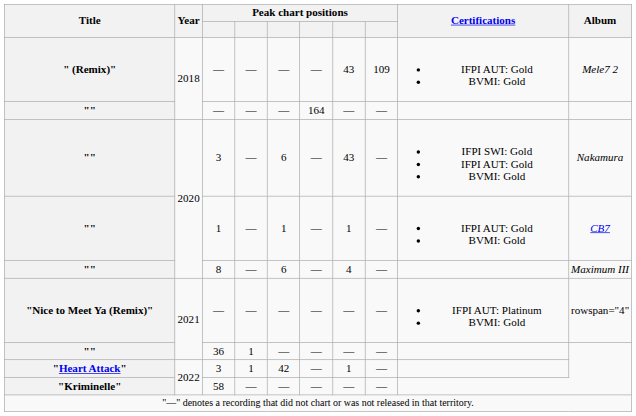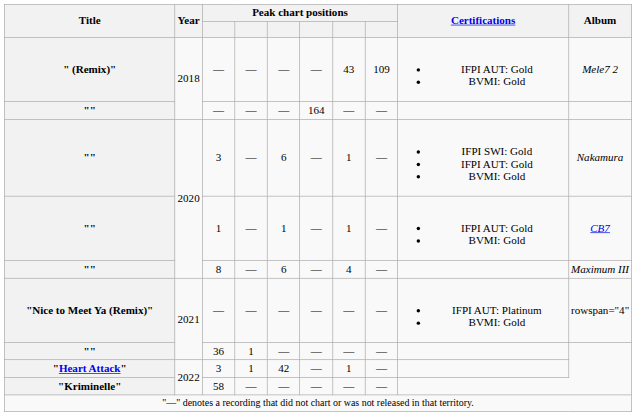 <table class="wikitable plainrowheaders" style="text-align:center;">
 <tr>
 <th scope="col" rowspan="2" style="width: 15em;">Title</th>
 <th scope="col" rowspan="2">Year</th>
 <th scope="col" colspan="6">Peak chart positions</th>
 <th scope="col" rowspan="2" style="width: 15em;"><a href='#'>Certifications</a></th>
 <th scope="col" rowspan="2">Album</th>
 </tr>
 <tr>
 <th style="width:3em; font-size:85%;"><a href='#'></a><br></th>
 <th style="width:3em; font-size:85%;"><a href='#'></a><br></th>
 <th style="width:3em; font-size:85%;"><a href='#'></a><br></th>
 <th style="width:3em; font-size:85%;"><a href='#'></a><br></th>
 <th style="width:3em; font-size:85%;"><a href='#'></a><br></th>
 <th style="width:3em; font-size:85%;"><a href='#'></a><br></th>
 </tr>
 <tr>
 <th scope="row">" (Remix)"<br></th>
 <td rowspan="2">2018</td>
 <td>—</td>
 <td>—</td>
 <td>—</td>
 <td>—</td>
 <td>43</td>
 <td>109</td>
 <td><br><ul><li>IFPI AUT: Gold</li><li>BVMI: Gold</li></ul></td>
 <td><em>Mele7 2</em></td>
 </tr>
 <tr>
 <th scope="row">""<br></th>
 <td>—</td>
 <td>—</td>
 <td>—</td>
 <td>164</td>
 <td>—</td>
 <td>—</td>
 <td></td>
 <td></td>
 </tr>
 <tr>
 <th scope="row">""<br></th>
 <td rowspan="3">2020</td>
 <td>3</td>
 <td>—</td>
 <td>6</td>
 <td>—</td>
-<td>43</td>
+<td>1</td>
 <td>—</td>
 <td><br><ul><li>IFPI SWI: Gold</li><li>IFPI AUT: Gold</li><li>BVMI: Gold</li></ul></td>
 <td><em>Nakamura</em></td>
 </tr>
 <tr>
 <th scope="row">""<br></th>
 <td>1</td>
 <td>—</td>
 <td>1</td>
 <td>—</td>
 <td>1</td>
 <td>—</td>
 <td><br><ul><li>IFPI AUT: Gold</li><li>BVMI: Gold</li></ul></td>
 <td><em><a href='#'>CB7</a></em></td>
 </tr>
 <tr>
 <th scope="row">""<br></th>
 <td>8</td>
 <td>—</td>
 <td>6</td>
 <td>—</td>
 <td>4</td>
 <td>—</td>
 <td></td>
 <td><em>Maximum III</em></td>
 </tr>
 <tr>
 <th scope="row">"Nice to Meet Ya (Remix)"<br></th>
 <td rowspan="2">2021</td>
 <td>—</td>
 <td>—</td>
 <td>—</td>
 <td>—</td>
 <td>—</td>
 <td>—</td>
 <td><br><ul><li>IFPI AUT: Platinum</li><li>BVMI: Gold</li></ul></td>
 <td>rowspan="4" </td>
 </tr>
 <tr>
 <th scope="row">""<br></th>
 <td>36</td>
 <td>1</td>
 <td>—</td>
 <td>—</td>
 <td>—</td>
 <td>—</td>
 <td></td>
 </tr>
 <tr>
 <th scope="row">"<a href='#'>Heart Attack</a>"<br></th>
 <td rowspan="2">2022</td>
 <td>3</td>
 <td>1</td>
 <td>42</td>
 <td>—</td>
 <td>1</td>
 <td>—</td>
 <td></td>
 </tr>
 <tr>
 <th scope="row">"Kriminelle"<br></th>
 <td>58</td>
 <td>—</td>
 <td>—</td>
 <td>—</td>
 <td>—</td>
 <td>—</td>
 </tr>
 <tr>
 <td colspan="10" style="font-size:90%">"—" denotes a recording that did not chart or was not released in that territory.</td>
 </tr>
 </table>
